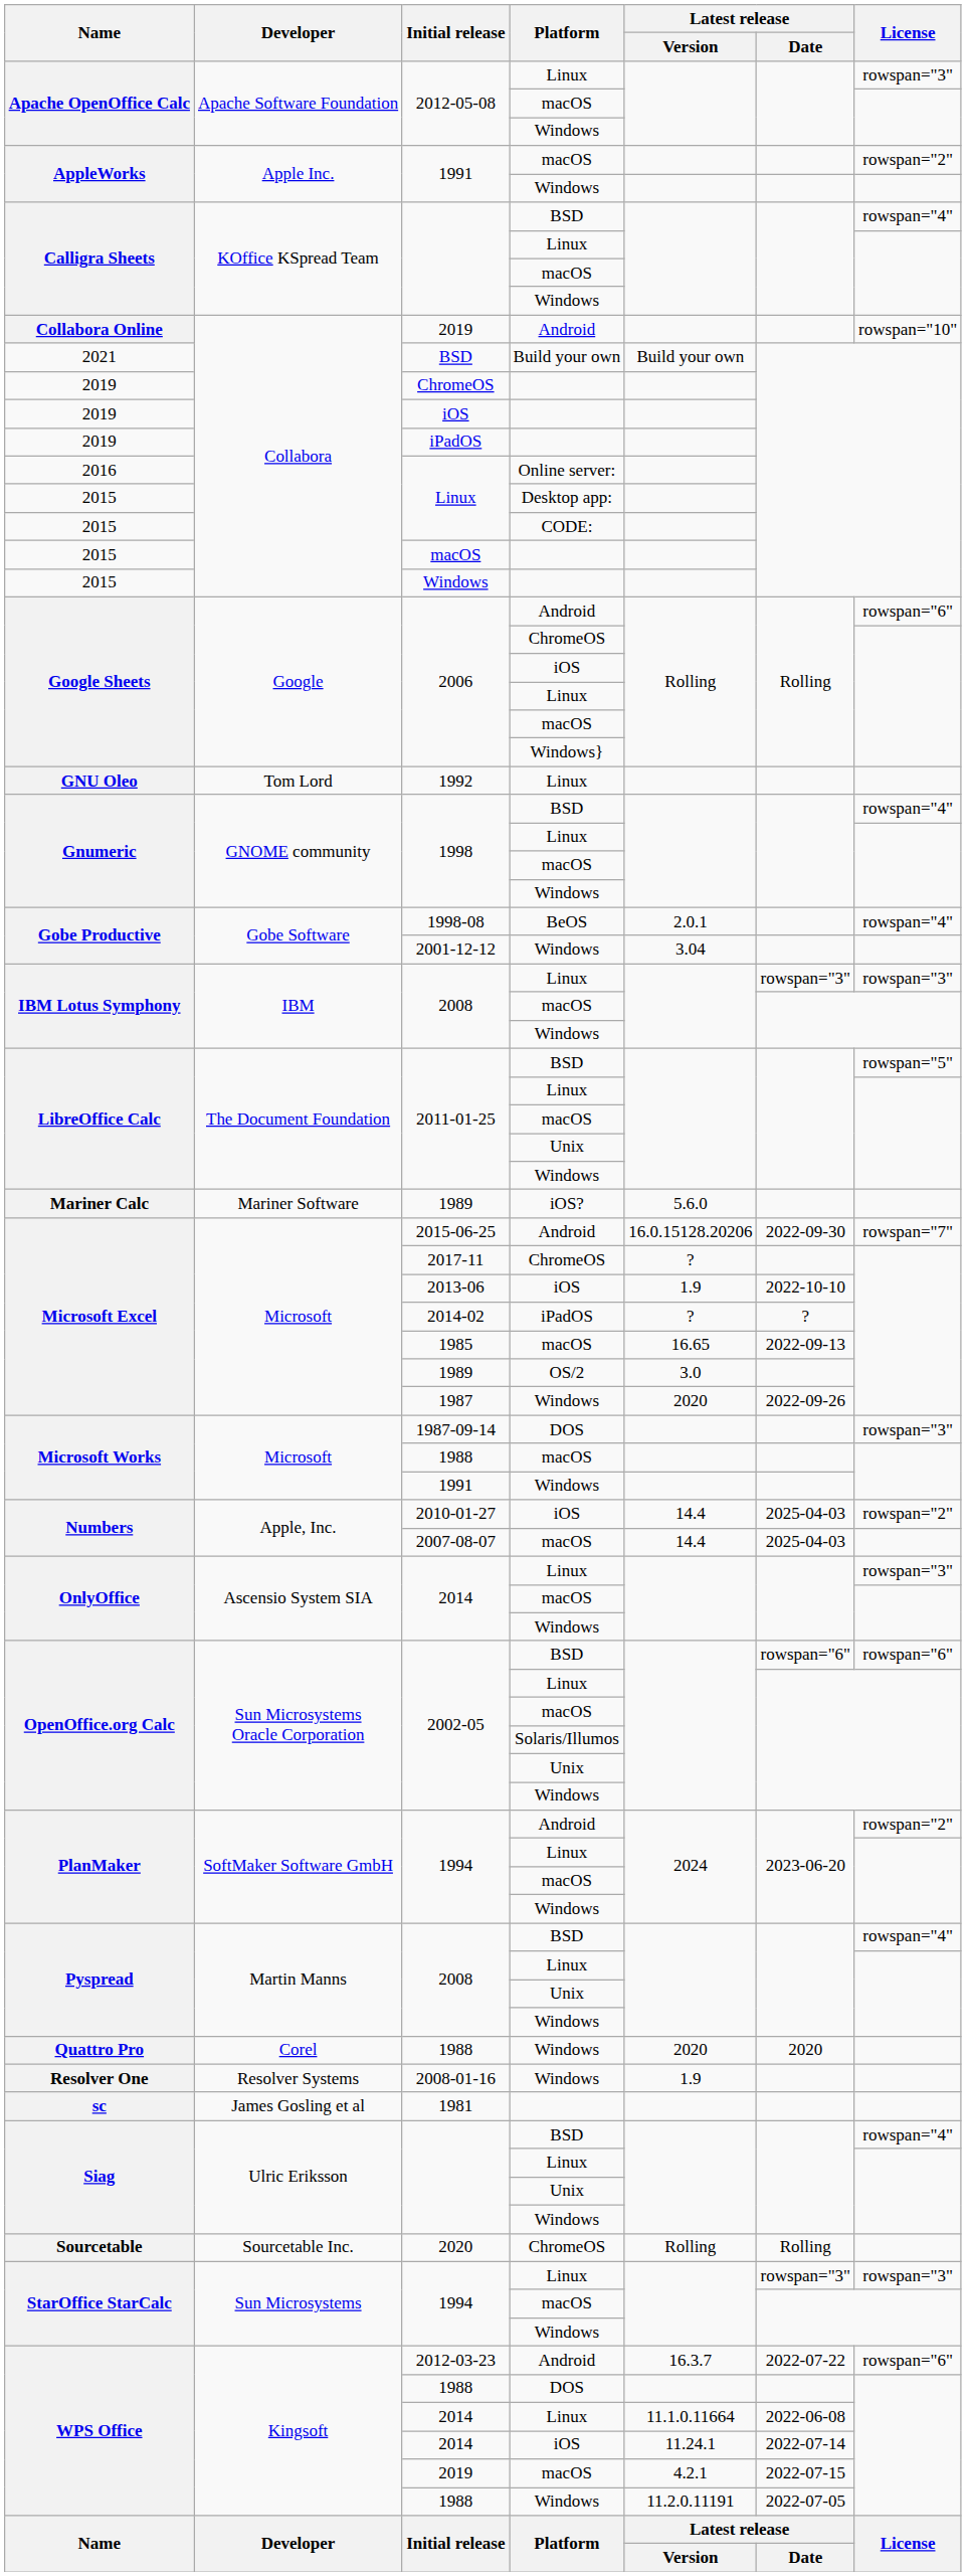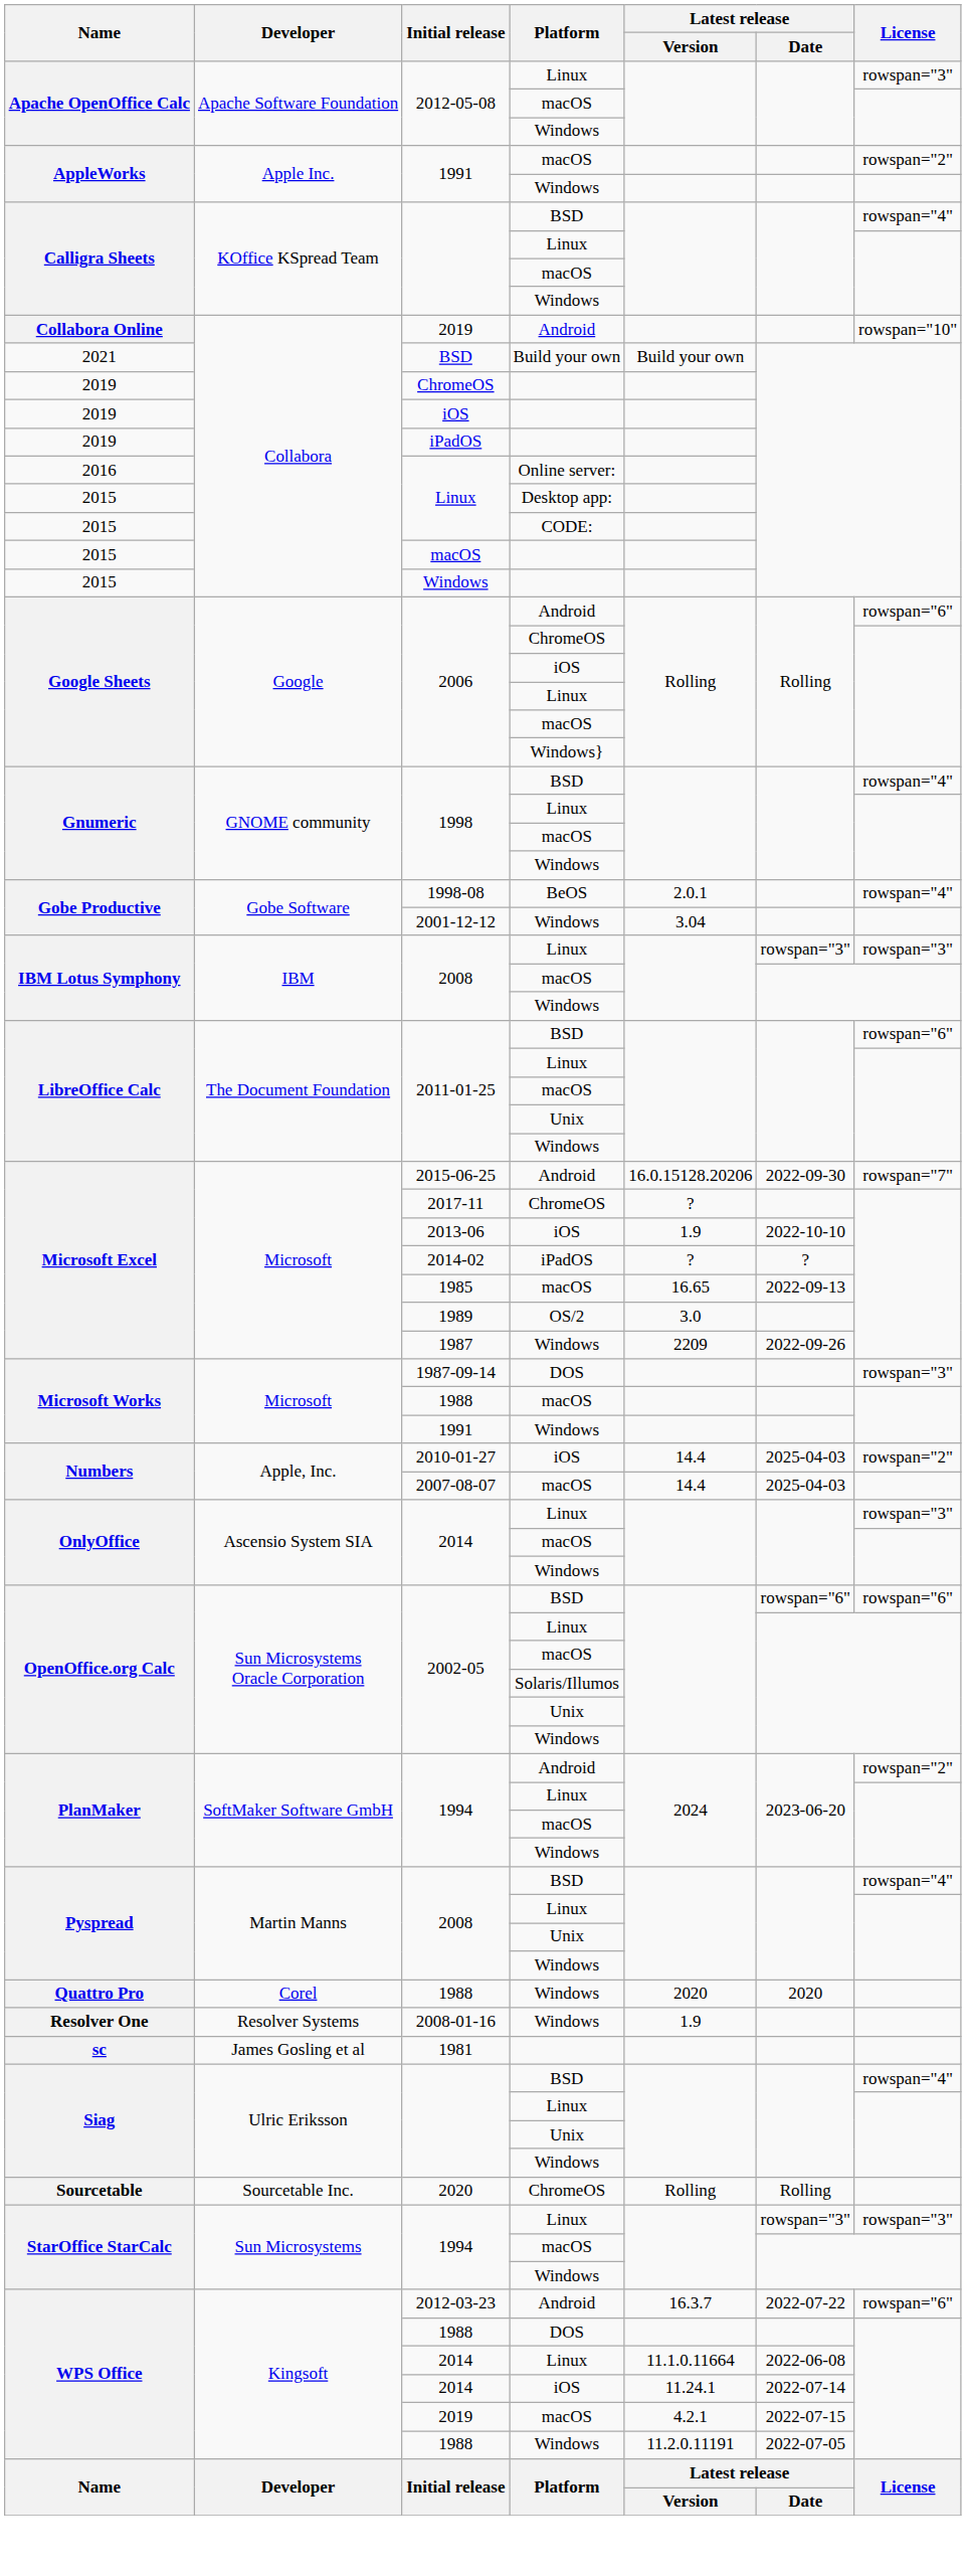 <table class="wikitable sortable floatleft" style="font-size: 85%; text-align: center; width: auto;">
 <tr>
 <th rowspan="2">Name</th>
 <th rowspan="2">Developer</th>
 <th rowspan="2">Initial release</th>
 <th rowspan="2">Platform</th>
 <th colspan="2">Latest release</th>
 <th rowspan="2"><a href='#'>License</a></th>
 </tr>
 <tr>
 <th>Version </th>
 <th>Date </th>
 </tr>
 <tr>
 <th rowspan="3"><a href='#'>Apache OpenOffice Calc</a></th>
 <td rowspan="3"><a href='#'>Apache Software Foundation</a></td>
 <td rowspan="3">2012-05-08</td>
 <td>Linux</td>
 <td rowspan="3"></td>
 <td rowspan="3"></td>
 <td>rowspan="3" </td>
 </tr>
 <tr>
 <td>macOS</td>
 </tr>
 <tr>
 <td>Windows</td>
 </tr>
 <tr>
 <th rowspan="2"><a href='#'>AppleWorks</a></th>
 <td rowspan="2"><a href='#'>Apple Inc.</a></td>
 <td rowspan="2">1991</td>
 <td>macOS</td>
 <td></td>
 <td></td>
 <td>rowspan="2" </td>
 </tr>
 <tr>
 <td>Windows</td>
 <td></td>
 <td></td>
 </tr>
 <tr>
 <th rowspan="4"><a href='#'>Calligra Sheets</a></th>
 <td rowspan="4"><a href='#'>KOffice</a> KSpread Team</td>
 <td rowspan="4"></td>
 <td>BSD</td>
 <td rowspan="4"></td>
 <td rowspan="4"></td>
 <td>rowspan="4" </td>
 </tr>
 <tr>
 <td>Linux</td>
 </tr>
 <tr>
 <td>macOS</td>
 </tr>
 <tr>
 <td>Windows</td>
 </tr>
 <tr>
 <th><a href='#'>Collabora Online</a></th>
 <td rowspan="10"><a href='#'>Collabora</a></td>
 <td>2019</td>
 <td><a href='#'>Android</a></td>
 <td></td>
 <td></td>
 <td>rowspan="10" </td>
 </tr>
 <tr>
 <td>2021</td>
 <td><a href='#'>BSD</a></td>
 <td>Build your own</td>
 <td>Build your own</td>
 </tr>
 <tr>
 <td>2019</td>
 <td><a href='#'>ChromeOS</a></td>
 <td></td>
 <td></td>
 </tr>
 <tr>
 <td>2019</td>
 <td><a href='#'>iOS</a></td>
 <td></td>
 <td></td>
 </tr>
 <tr>
 <td>2019</td>
 <td><a href='#'>iPadOS</a></td>
 <td></td>
 <td></td>
 </tr>
 <tr>
 <td>2016</td>
 <td rowspan="3"><a href='#'>Linux</a></td>
 <td>Online server: </td>
 <td></td>
 </tr>
 <tr>
 <td>2015</td>
 <td>Desktop app: </td>
 <td></td>
 </tr>
 <tr>
 <td>2015</td>
 <td>CODE: </td>
 <td></td>
 </tr>
 <tr>
 <td>2015</td>
 <td><a href='#'>macOS</a></td>
 <td></td>
 <td></td>
 </tr>
 <tr>
 <td>2015</td>
 <td><a href='#'>Windows</a></td>
 <td></td>
 <td></td>
 </tr>
 <tr>
 <th rowspan="6"><a href='#'>Google Sheets</a></th>
 <td rowspan="6"><a href='#'>Google</a></td>
 <td rowspan="6">2006</td>
 <td>Android</td>
 <td rowspan="6">Rolling</td>
 <td rowspan="6">Rolling</td>
 <td>rowspan="6" </td>
 </tr>
 <tr>
 <td>ChromeOS</td>
 </tr>
 <tr>
 <td>iOS</td>
 </tr>
 <tr>
 <td>Linux</td>
 </tr>
 <tr>
 <td>macOS</td>
 </tr>
 <tr>
 <td>Windows}</td>
 </tr>
 <tr>
-<th><a href='#'>GNU Oleo</a></th>
-<td>Tom Lord</td>
-<td>1992</td>
-<td>Linux</td>
-<td></td>
-<td></td>
-<td></td>
-</tr>
-<tr>
 <th rowspan="4"><a href='#'>Gnumeric</a></th>
 <td rowspan="4"><a href='#'>GNOME</a> community</td>
 <td rowspan="4">1998</td>
 <td>BSD</td>
 <td rowspan="4"></td>
 <td rowspan="4"></td>
 <td>rowspan="4" </td>
 </tr>
 <tr>
 <td>Linux</td>
 </tr>
 <tr>
 <td>macOS</td>
 </tr>
 <tr>
 <td>Windows</td>
 </tr>
 <tr>
 <th rowspan="2"><a href='#'>Gobe Productive</a></th>
 <td rowspan="2"><a href='#'>Gobe Software</a></td>
 <td>1998-08</td>
 <td>BeOS</td>
 <td>2.0.1</td>
 <td></td>
 <td>rowspan="4" </td>
 </tr>
 <tr>
 <td>2001-12-12</td>
 <td>Windows</td>
 <td>3.04</td>
 <td></td>
 </tr>
 <tr>
 <th rowspan="3"><a href='#'>IBM Lotus Symphony</a></th>
 <td rowspan="3"><a href='#'>IBM</a></td>
 <td rowspan="3">2008</td>
 <td>Linux</td>
 <td rowspan="3"></td>
 <td>rowspan="3" </td>
 <td>rowspan="3" </td>
 </tr>
 <tr>
 <td>macOS</td>
 </tr>
 <tr>
 <td>Windows</td>
 </tr>
 <tr>
 <th rowspan="5"><a href='#'>LibreOffice Calc</a></th>
 <td rowspan="5"><a href='#'>The Document Foundation</a></td>
 <td rowspan="5">2011-01-25</td>
 <td>BSD</td>
 <td rowspan="5"></td>
 <td rowspan="5"></td>
-<td>rowspan="5" </td>
+<td>rowspan="6" </td>
 </tr>
 <tr>
 <td>Linux</td>
 </tr>
 <tr>
 <td>macOS</td>
 </tr>
 <tr>
 <td>Unix</td>
 </tr>
 <tr>
 <td>Windows</td>
-</tr>
-<tr>
-<th>Mariner Calc</th>
-<td>Mariner Software</td>
-<td>1989</td>
-<td>iOS?</td>
-<td>5.6.0</td>
-<td></td>
-<td></td>
 </tr>
 <tr>
 <th rowspan="7"><a href='#'>Microsoft Excel</a></th>
 <td rowspan="7"><a href='#'>Microsoft</a></td>
 <td>2015-06-25</td>
 <td>Android</td>
 <td>16.0.15128.20206</td>
 <td>2022-09-30</td>
 <td>rowspan="7" </td>
 </tr>
 <tr>
 <td>2017-11 </td>
 <td>ChromeOS</td>
 <td>?</td>
 <td> </td>
 </tr>
 <tr>
 <td>2013-06 </td>
 <td>iOS</td>
 <td>1.9</td>
 <td>2022-10-10</td>
 </tr>
 <tr>
 <td>2014-02 </td>
 <td>iPadOS</td>
 <td>?</td>
 <td>?</td>
 </tr>
 <tr>
 <td>1985</td>
 <td>macOS</td>
 <td>16.65</td>
 <td>2022-09-13</td>
 </tr>
 <tr>
 <td>1989</td>
 <td>OS/2</td>
 <td>3.0</td>
 <td></td>
 </tr>
 <tr>
 <td>1987</td>
 <td>Windows</td>
-<td>2020</td>
+<td>2209</td>
 <td>2022-09-26</td>
 </tr>
 <tr>
 <th rowspan="3"><a href='#'>Microsoft Works</a></th>
 <td rowspan="3"><a href='#'>Microsoft</a></td>
 <td>1987-09-14</td>
 <td>DOS</td>
 <td></td>
 <td></td>
 <td>rowspan="3" </td>
 </tr>
 <tr>
 <td>1988</td>
 <td>macOS</td>
 <td></td>
 <td></td>
 </tr>
 <tr>
 <td>1991</td>
 <td>Windows</td>
 <td></td>
 <td></td>
 </tr>
 <tr>
 <th rowspan="2"><a href='#'>Numbers</a></th>
 <td rowspan="2">Apple, Inc.</td>
 <td>2010-01-27</td>
 <td>iOS</td>
 <td>14.4</td>
 <td>2025-04-03</td>
 <td>rowspan="2" </td>
 </tr>
 <tr>
 <td>2007-08-07</td>
 <td>macOS</td>
 <td>14.4</td>
 <td>2025-04-03</td>
 </tr>
 <tr>
 <th rowspan="3"><a href='#'>OnlyOffice</a></th>
 <td rowspan="3">Ascensio System SIA</td>
 <td rowspan="3">2014</td>
 <td>Linux</td>
 <td rowspan="3"></td>
 <td rowspan="3"></td>
 <td>rowspan="3" </td>
 </tr>
 <tr>
 <td>macOS</td>
 </tr>
 <tr>
 <td>Windows</td>
 </tr>
 <tr>
 <th rowspan="6"><a href='#'>OpenOffice.org Calc</a></th>
 <td rowspan="6"><a href='#'>Sun Microsystems</a><br><a href='#'>Oracle Corporation</a></td>
 <td rowspan="6">2002-05</td>
 <td>BSD</td>
 <td rowspan="6"></td>
 <td>rowspan="6" </td>
 <td>rowspan="6" </td>
 </tr>
 <tr>
 <td>Linux</td>
 </tr>
 <tr>
 <td>macOS</td>
 </tr>
 <tr>
 <td>Solaris/Illumos</td>
 </tr>
 <tr>
 <td>Unix</td>
 </tr>
 <tr>
 <td>Windows</td>
 </tr>
 <tr>
 <th rowspan="4"><a href='#'>PlanMaker</a></th>
 <td rowspan="4"><a href='#'>SoftMaker Software GmbH</a></td>
 <td rowspan="4">1994</td>
 <td>Android</td>
 <td rowspan="4">2024</td>
 <td rowspan="4">2023-06-20</td>
 <td>rowspan="2" </td>
 </tr>
 <tr>
 <td>Linux</td>
 </tr>
 <tr>
 <td>macOS</td>
 </tr>
 <tr>
 <td>Windows</td>
 </tr>
 <tr>
 <th rowspan="4"><a href='#'>Pyspread</a></th>
 <td rowspan="4">Martin Manns</td>
 <td rowspan="4">2008</td>
 <td>BSD</td>
 <td rowspan="4"></td>
 <td rowspan="4"></td>
 <td>rowspan="4" </td>
 </tr>
 <tr>
 <td>Linux</td>
 </tr>
 <tr>
 <td>Unix</td>
 </tr>
 <tr>
 <td>Windows</td>
 </tr>
 <tr>
 <th><a href='#'>Quattro Pro</a></th>
 <td><a href='#'>Corel</a></td>
 <td>1988</td>
 <td>Windows</td>
 <td>2020</td>
 <td>2020</td>
 <td></td>
 </tr>
 <tr>
 <th>Resolver One</th>
 <td>Resolver Systems</td>
 <td>2008-01-16</td>
 <td>Windows</td>
 <td>1.9</td>
 <td></td>
 <td></td>
 </tr>
 <tr>
 <th><a href='#'>sc</a></th>
 <td>James Gosling et al</td>
 <td>1981</td>
 <td></td>
 <td></td>
 <td></td>
 <td></td>
 </tr>
 <tr>
 <th rowspan="4"><a href='#'>Siag</a></th>
 <td rowspan="4">Ulric Eriksson</td>
 <td rowspan="4"></td>
 <td>BSD</td>
 <td rowspan="4"></td>
 <td rowspan="4"></td>
 <td>rowspan="4" </td>
 </tr>
 <tr>
 <td>Linux</td>
 </tr>
 <tr>
 <td>Unix</td>
 </tr>
 <tr>
 <td>Windows</td>
 </tr>
 <tr>
 <th>Sourcetable</th>
 <td>Sourcetable Inc.</td>
 <td>2020</td>
 <td>ChromeOS</td>
 <td>Rolling</td>
 <td>Rolling</td>
 <td></td>
 </tr>
 <tr>
 <th rowspan="3"><a href='#'>StarOffice StarCalc</a></th>
 <td rowspan="3"><a href='#'>Sun Microsystems</a></td>
 <td rowspan="3">1994</td>
 <td>Linux</td>
 <td rowspan="3"></td>
 <td>rowspan="3" </td>
 <td>rowspan="3" </td>
 </tr>
 <tr>
 <td>macOS</td>
 </tr>
 <tr>
 <td>Windows</td>
 </tr>
 <tr>
 <th rowspan="6"><a href='#'>WPS Office</a></th>
 <td rowspan="6"><a href='#'>Kingsoft</a></td>
 <td>2012-03-23</td>
 <td>Android</td>
 <td>16.3.7</td>
 <td>2022-07-22</td>
 <td>rowspan="6" </td>
 </tr>
 <tr>
 <td>1988</td>
 <td>DOS</td>
 <td></td>
 <td></td>
 </tr>
 <tr>
 <td>2014</td>
 <td>Linux</td>
 <td>11.1.0.11664</td>
 <td>2022-06-08</td>
 </tr>
 <tr>
 <td>2014</td>
 <td>iOS</td>
 <td>11.24.1</td>
 <td>2022-07-14</td>
 </tr>
 <tr>
 <td>2019</td>
 <td>macOS</td>
 <td>4.2.1</td>
 <td>2022-07-15</td>
 </tr>
 <tr>
 <td>1988</td>
 <td>Windows</td>
 <td>11.2.0.11191</td>
 <td>2022-07-05</td>
 </tr>
 <tr class="sortbottom">
 <th rowspan="2">Name</th>
 <th rowspan="2">Developer</th>
 <th rowspan="2">Initial release</th>
 <th rowspan="2">Platform</th>
 <th colspan="2">Latest release</th>
 <th rowspan="2"><a href='#'>License</a></th>
 </tr>
 <tr>
 <th>Version </th>
 <th>Date </th>
 </tr>
 </table>
